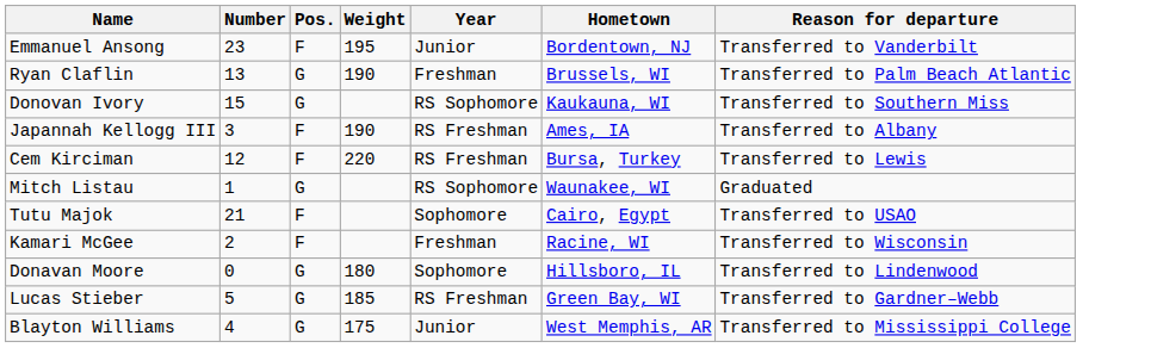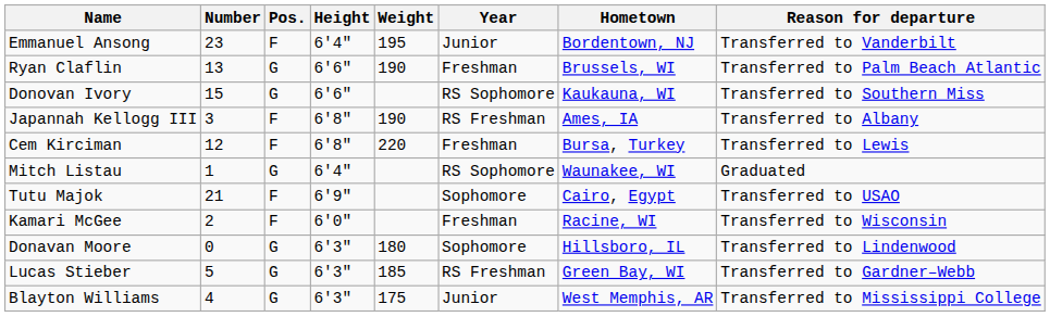 <table class="wikitable sortable" border="1">
 <tr>
 <th>Name</th>
 <th>Number</th>
 <th>Pos.</th>
+<th>Height</th>
 <th>Weight</th>
 <th>Year</th>
 <th>Hometown</th>
 <th>Reason for departure</th>
 </tr>
 <tr>
 <td>Emmanuel Ansong</td>
 <td>23</td>
 <td>F</td>
+<td>6'4"</td>
 <td>195</td>
 <td>Junior</td>
 <td><a href='#'>Bordentown, NJ</a></td>
 <td>Transferred to <a href='#'>Vanderbilt</a></td>
 </tr>
 <tr>
 <td>Ryan Claflin</td>
 <td>13</td>
 <td>G</td>
+<td>6'6"</td>
 <td>190</td>
 <td>Freshman</td>
 <td><a href='#'>Brussels, WI</a></td>
 <td>Transferred to <a href='#'>Palm Beach Atlantic</a></td>
 </tr>
 <tr>
 <td>Donovan Ivory</td>
 <td>15</td>
 <td>G</td>
+<td>6'6"</td>
 <td></td>
 <td>RS Sophomore</td>
 <td><a href='#'>Kaukauna, WI</a></td>
 <td>Transferred to <a href='#'>Southern Miss</a></td>
 </tr>
 <tr>
 <td>Japannah Kellogg III</td>
 <td>3</td>
 <td>F</td>
+<td>6'8"</td>
 <td>190</td>
 <td>RS Freshman</td>
 <td><a href='#'>Ames, IA</a></td>
 <td>Transferred to <a href='#'>Albany</a></td>
 </tr>
 <tr>
 <td>Cem Kirciman</td>
 <td>12</td>
 <td>F</td>
+<td>6'8"</td>
 <td>220</td>
-<td>RS Freshman</td>
+<td>Freshman</td>
 <td><a href='#'>Bursa</a>, <a href='#'>Turkey</a></td>
 <td>Transferred to <a href='#'>Lewis</a></td>
 </tr>
 <tr>
 <td>Mitch Listau</td>
 <td>1</td>
 <td>G</td>
+<td>6'4"</td>
 <td></td>
 <td>RS Sophomore</td>
 <td><a href='#'>Waunakee, WI</a></td>
 <td>Graduated</td>
 </tr>
 <tr>
 <td>Tutu Majok</td>
 <td>21</td>
 <td>F</td>
+<td>6'9"</td>
 <td></td>
 <td>Sophomore</td>
 <td><a href='#'>Cairo</a>, <a href='#'>Egypt</a></td>
 <td>Transferred to <a href='#'>USAO</a></td>
 </tr>
 <tr>
 <td>Kamari McGee</td>
 <td>2</td>
 <td>F</td>
+<td>6'0"</td>
 <td></td>
 <td>Freshman</td>
 <td><a href='#'>Racine, WI</a></td>
 <td>Transferred to <a href='#'>Wisconsin</a></td>
 </tr>
 <tr>
 <td>Donavan Moore</td>
 <td>0</td>
 <td>G</td>
+<td>6'3"</td>
 <td>180</td>
 <td>Sophomore</td>
 <td><a href='#'>Hillsboro, IL</a></td>
 <td>Transferred to <a href='#'>Lindenwood</a></td>
 </tr>
 <tr>
 <td>Lucas Stieber</td>
 <td>5</td>
 <td>G</td>
+<td>6'3"</td>
 <td>185</td>
 <td>RS Freshman</td>
 <td><a href='#'>Green Bay, WI</a></td>
 <td>Transferred to <a href='#'>Gardner–Webb</a></td>
 </tr>
 <tr>
 <td>Blayton Williams</td>
 <td>4</td>
 <td>G</td>
+<td>6'3"</td>
 <td>175</td>
 <td>Junior</td>
 <td><a href='#'>West Memphis, AR</a></td>
 <td>Transferred to <a href='#'>Mississippi College</a></td>
 </tr>
 </table>
